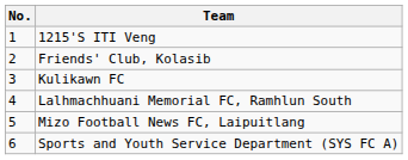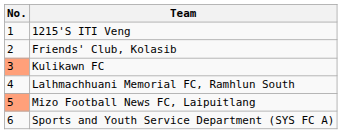 <table class="wikitable">
 <tr>
 <th>No.</th>
 <th>Team</th>
 </tr>
 <tr>
 <td>1</td>
 <td>1215'S ITI Veng</td>
 </tr>
 <tr>
 <td>2</td>
 <td>Friends' Club, Kolasib</td>
 </tr>
 <tr>
-<td>3</td>
+<td style="background: lightsalmon;">3</td>
 <td>Kulikawn FC</td>
 </tr>
 <tr>
 <td>4</td>
 <td>Lalhmachhuani Memorial FC, Ramhlun South</td>
 </tr>
 <tr>
-<td>5</td>
+<td style="background: lightsalmon;">5</td>
 <td>Mizo Football News FC, Laipuitlang</td>
 </tr>
 <tr>
 <td>6</td>
 <td>Sports and Youth Service Department (SYS FC A)</td>
 </tr>
 </table>
